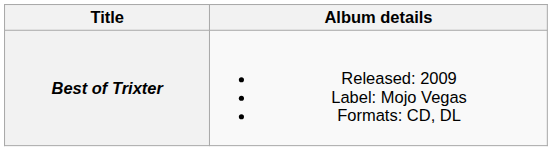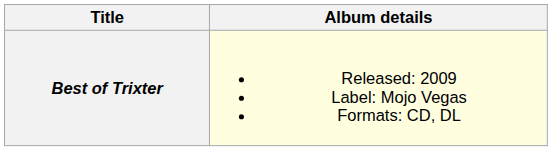 <table class="wikitable plainrowheaders" style="text-align:center;">
 <tr>
 <th scope="col" style="width:12em;">Title</th>
 <th scope="col" style="width:20em;">Album details</th>
 </tr>
 <tr>
 <th scope="row"><em>Best of Trixter</em></th>
-<td><br><ul><li>Released: 2009</li><li>Label: Mojo Vegas</li><li>Formats: CD, DL</li></ul></td>
+<td style="background: lightyellow;"><br><ul><li>Released: 2009</li><li>Label: Mojo Vegas</li><li>Formats: CD, DL</li></ul></td>
 </tr>
 </table>
